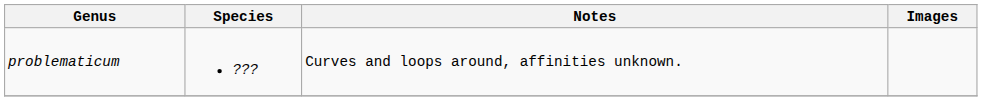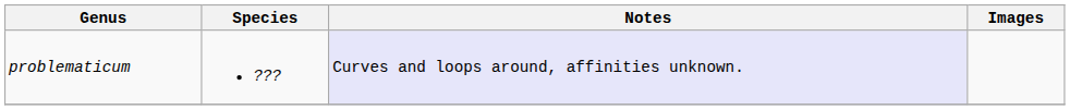 <table class="wikitable" style="width:70%;">
 <tr>
 <th>Genus</th>
 <th>Species</th>
 <th>Notes</th>
 <th>Images</th>
 </tr>
 <tr>
 <td><em>problematicum</em></td>
 <td><br><ul><li><em>???</em></li></ul></td>
-<td>Curves and loops around, affinities unknown.</td>
+<td style="background: lavender;">Curves and loops around, affinities unknown.</td>
 <td></td>
 </tr>
 <tr>
 </tr>
 </table>
